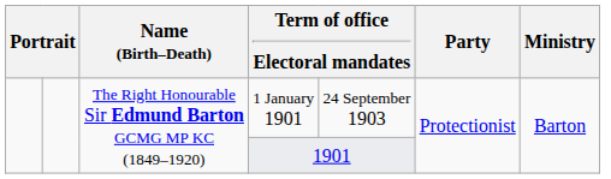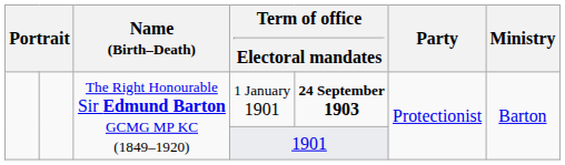 <table class="wikitable" style="text-align:center">
 <tr>
 <th colspan=2>Portrait</th>
 <th>Name<br><small>(Birth–Death)</small></th>
 <th colspan=2>Term of office<hr>Electoral mandates</th>
 <th>Party</th>
 <th>Ministry</th>
 </tr>
 <tr>
 <td rowspan=2 style="background:"></td>
 <td rowspan=2></td>
 <td rowspan=2 style="white-space: nowrap;"><a href='#'><small>The Right Honourable</small><br>Sir <strong>Edmund Barton</strong><br><small>GCMG MP KC</small></a><br><small>(1849–1920)</small></td>
 <td><small>1 January</small><br>1901</td>
-<td><small>24 September</small><br>1903</td>
+<td><strong><small>24 September</small><br>1903</strong></td>
 <td rowspan=2><a href='#'>Protectionist</a></td>
 <td rowspan=2><a href='#'>Barton</a></td>
 </tr>
 <tr>
 <td colspan=2 style="background:#EAECF0"><a href='#'>1901</a></td>
 </tr>
 </table>
